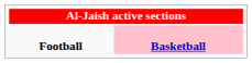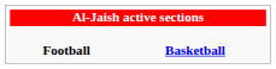 <table class="infobox" style="width: 20em; font-size: 95%em;">
 <tr style="color:white; background:red; text-align:center;">
 <th colspan="3">Al-Jaish active sections</th>
 </tr>
 <tr style="text-align: center">
 <td><br><strong>Football</strong></td>
-<td style="background: pink;"><br><strong><a href='#'>Basketball</a></strong></td>
+<td><br><strong><a href='#'>Basketball</a></strong></td>
 </tr>
 </table>
